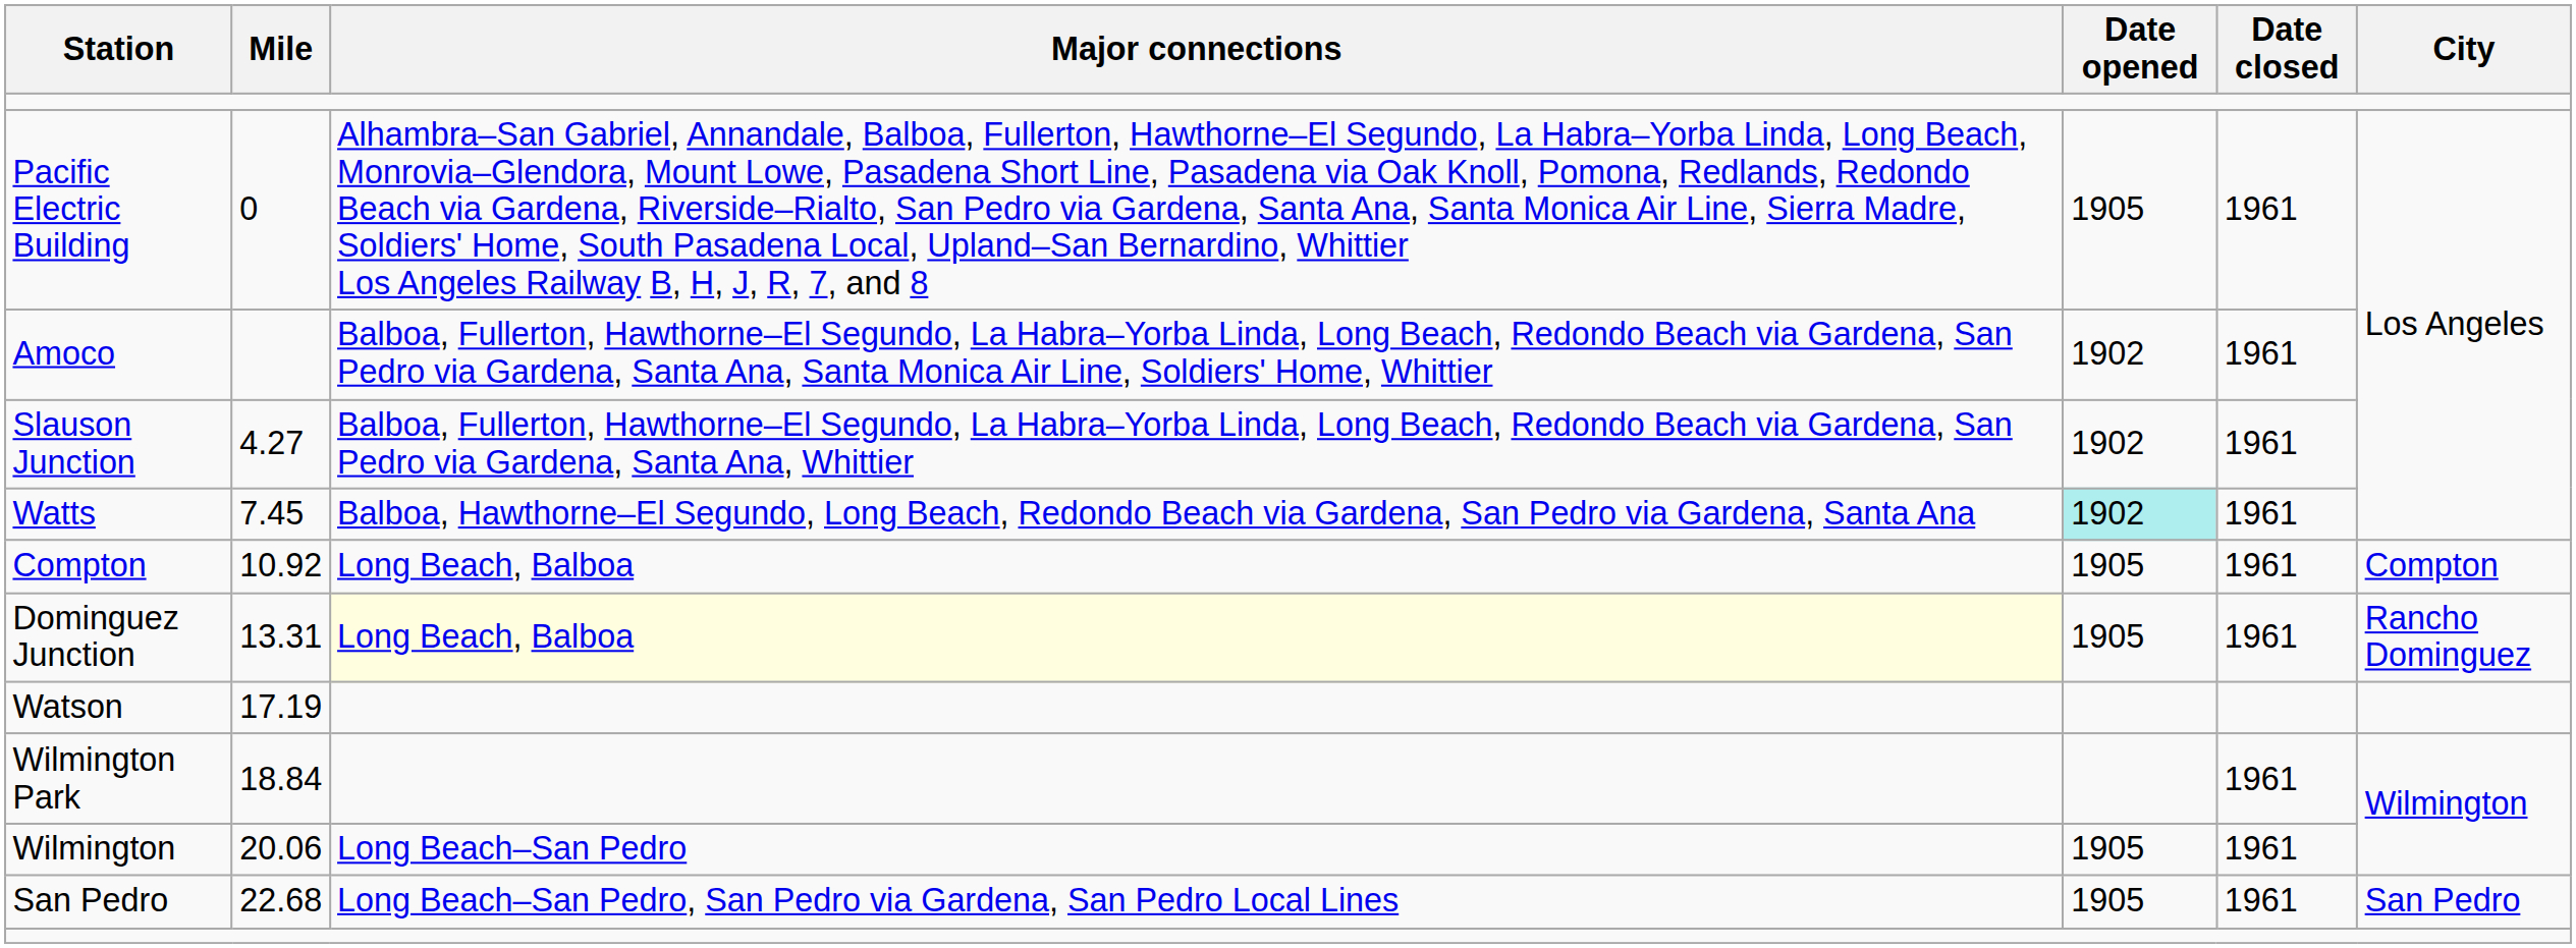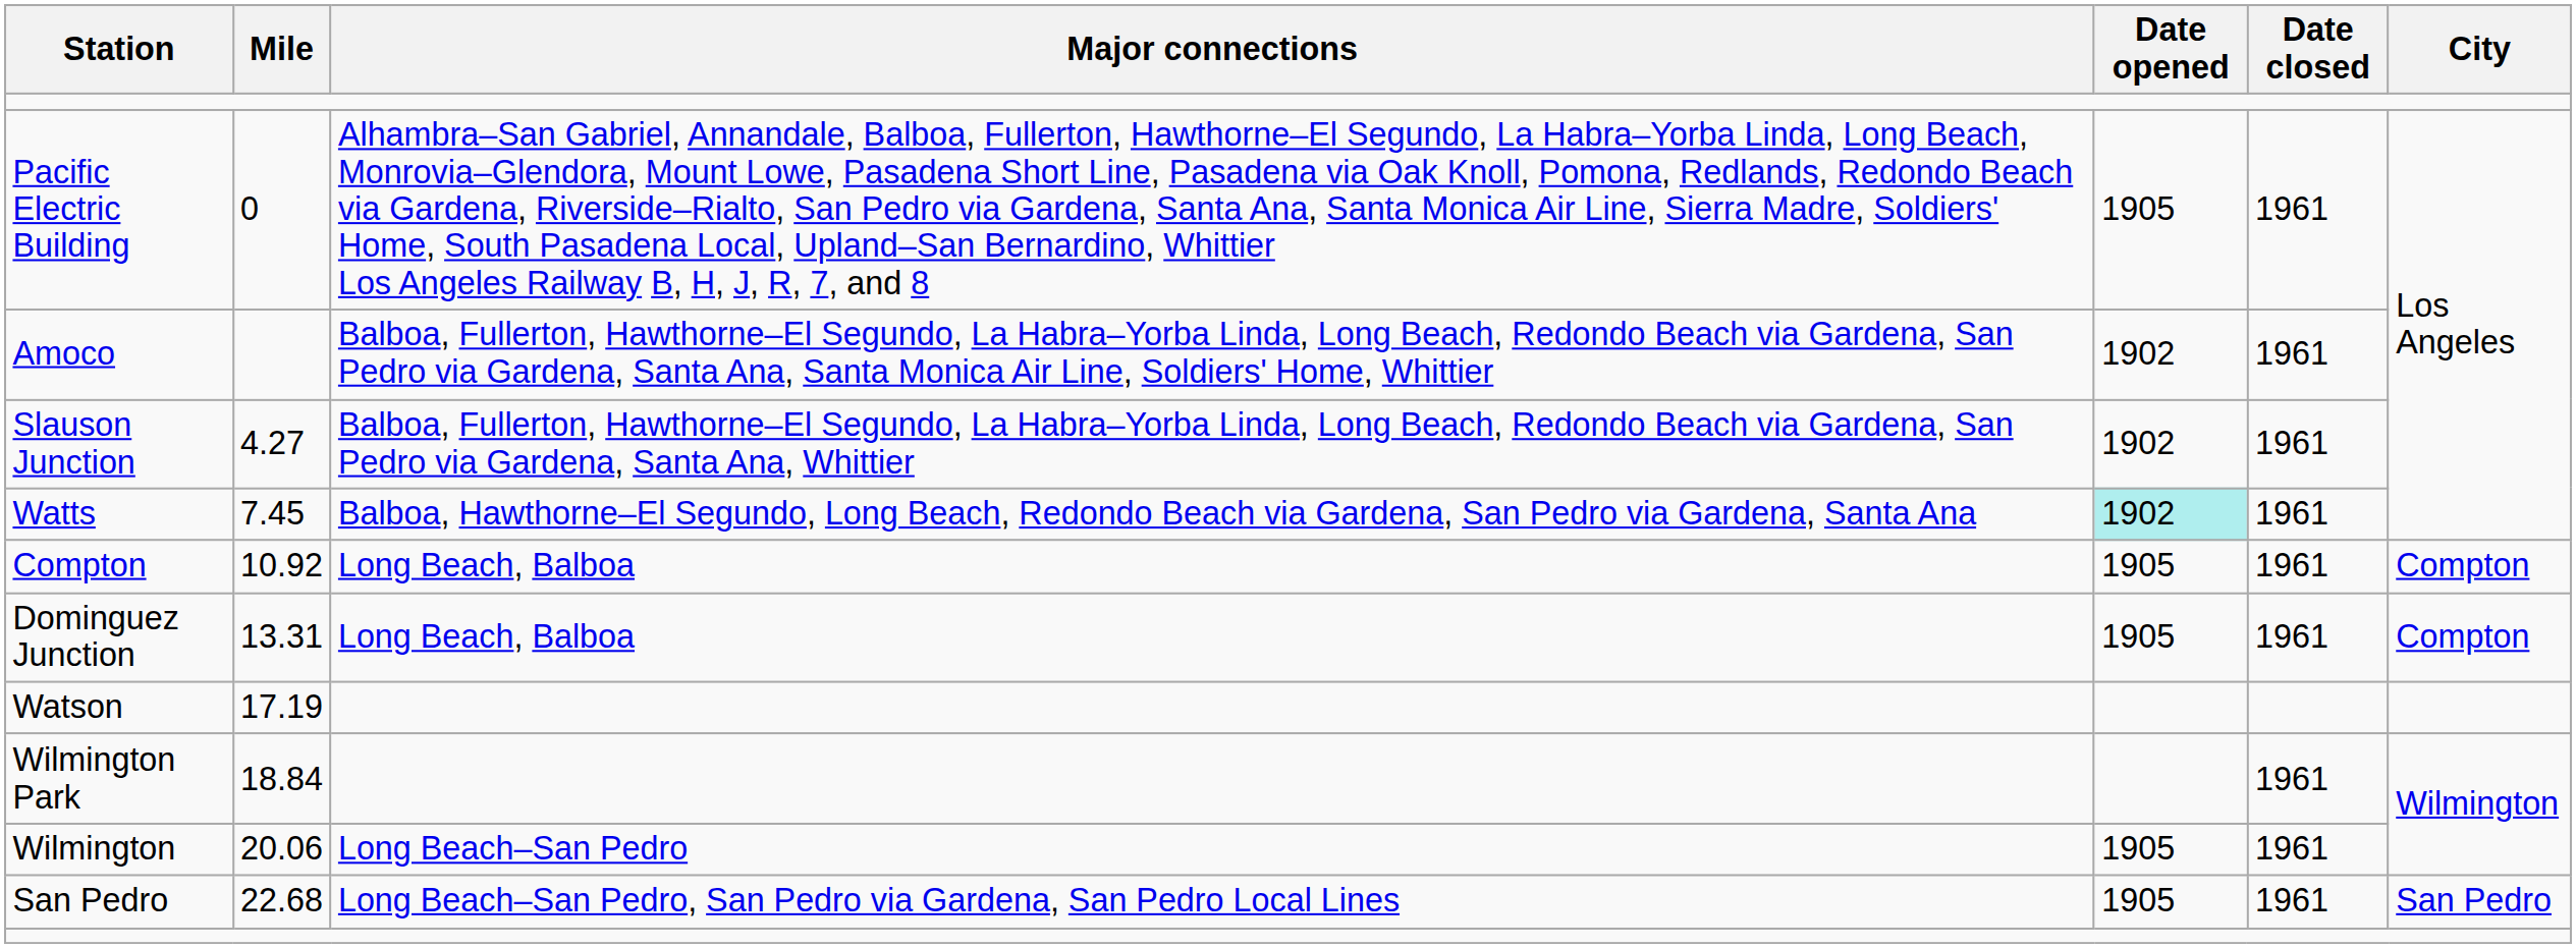 <table class="wikitable">
 <tr>
 <th>Station</th>
 <th>Mile</th>
 <th>Major connections</th>
 <th>Date opened</th>
 <th>Date closed</th>
 <th>City</th>
 </tr>
 <tr>
 <td colspan = "6"></td>
 </tr>
 <tr>
 <td><a href='#'>Pacific Electric Building</a></td>
 <td>0</td>
 <td><a href='#'>Alhambra–San Gabriel</a>, <a href='#'>Annandale</a>, <a href='#'>Balboa</a>, <a href='#'>Fullerton</a>, <a href='#'>Hawthorne–El Segundo</a>, <a href='#'>La Habra–Yorba Linda</a>, <a href='#'>Long Beach</a>, <a href='#'>Monrovia–Glendora</a>, <a href='#'>Mount Lowe</a>, <a href='#'>Pasadena Short Line</a>, <a href='#'>Pasadena via Oak Knoll</a>, <a href='#'>Pomona</a>, <a href='#'>Redlands</a>, <a href='#'>Redondo Beach via Gardena</a>, <a href='#'>Riverside–Rialto</a>, <a href='#'>San Pedro via Gardena</a>, <a href='#'>Santa Ana</a>, <a href='#'>Santa Monica Air Line</a>, <a href='#'>Sierra Madre</a>, <a href='#'>Soldiers' Home</a>, <a href='#'>South Pasadena Local</a>, <a href='#'>Upland–San Bernardino</a>, <a href='#'>Whittier</a><br><a href='#'>Los Angeles Railway</a> <a href='#'>B</a>, <a href='#'>H</a>, <a href='#'>J</a>, <a href='#'>R</a>, <a href='#'>7</a>, and <a href='#'>8</a></td>
 <td>1905</td>
 <td>1961</td>
 <td rowspan=4>Los Angeles</td>
 </tr>
 <tr>
 <td><a href='#'>Amoco</a></td>
 <td></td>
 <td><a href='#'>Balboa</a>, <a href='#'>Fullerton</a>, <a href='#'>Hawthorne–El Segundo</a>, <a href='#'>La Habra–Yorba Linda</a>, <a href='#'>Long Beach</a>, <a href='#'>Redondo Beach via Gardena</a>, <a href='#'>San Pedro via Gardena</a>, <a href='#'>Santa Ana</a>, <a href='#'>Santa Monica Air Line</a>, <a href='#'>Soldiers' Home</a>, <a href='#'>Whittier</a></td>
 <td>1902</td>
 <td>1961</td>
 </tr>
 <tr>
 <td><a href='#'>Slauson Junction</a></td>
 <td>4.27</td>
 <td><a href='#'>Balboa</a>, <a href='#'>Fullerton</a>, <a href='#'>Hawthorne–El Segundo</a>, <a href='#'>La Habra–Yorba Linda</a>, <a href='#'>Long Beach</a>, <a href='#'>Redondo Beach via Gardena</a>, <a href='#'>San Pedro via Gardena</a>, <a href='#'>Santa Ana</a>, <a href='#'>Whittier</a></td>
 <td>1902</td>
 <td>1961</td>
 </tr>
 <tr>
 <td><a href='#'>Watts</a></td>
 <td>7.45</td>
 <td><a href='#'>Balboa</a>, <a href='#'>Hawthorne–El Segundo</a>, <a href='#'>Long Beach</a>, <a href='#'>Redondo Beach via Gardena</a>, <a href='#'>San Pedro via Gardena</a>, <a href='#'>Santa Ana</a></td>
 <td style="background: paleturquoise;">1902</td>
 <td>1961</td>
 </tr>
 <tr>
 <td><a href='#'>Compton</a></td>
 <td>10.92</td>
 <td><a href='#'>Long Beach</a>, <a href='#'>Balboa</a></td>
 <td>1905</td>
 <td>1961</td>
 <td rowspan=1><a href='#'>Compton</a></td>
 </tr>
 <tr>
 <td>Dominguez Junction</td>
 <td>13.31</td>
-<td style="background: lightyellow;"><a href='#'>Long Beach</a>, <a href='#'>Balboa</a></td>
+<td><a href='#'>Long Beach</a>, <a href='#'>Balboa</a></td>
 <td>1905</td>
 <td>1961</td>
-<td rowspan=1><a href='#'>Rancho Dominguez</a></td>
+<td rowspan=1><a href='#'>Compton</a></td>
 </tr>
 <tr>
 <td>Watson</td>
 <td>17.19</td>
 <td></td>
 <td></td>
 <td></td>
 </tr>
 <tr>
 <td>Wilmington Park</td>
 <td>18.84</td>
 <td></td>
 <td></td>
 <td>1961</td>
 <td rowspan=2><a href='#'>Wilmington</a></td>
 </tr>
 <tr>
 <td>Wilmington</td>
 <td>20.06</td>
 <td><a href='#'>Long Beach–San Pedro</a></td>
 <td>1905</td>
 <td>1961</td>
 </tr>
 <tr>
 <td>San Pedro</td>
 <td>22.68</td>
 <td><a href='#'>Long Beach–San Pedro</a>, <a href='#'>San Pedro via Gardena</a>, <a href='#'>San Pedro Local Lines</a></td>
 <td>1905</td>
 <td>1961</td>
 <td rowspan=1><a href='#'>San Pedro</a></td>
 </tr>
 <tr>
 <td colspan = "6"></td>
 </tr>
 </table>
